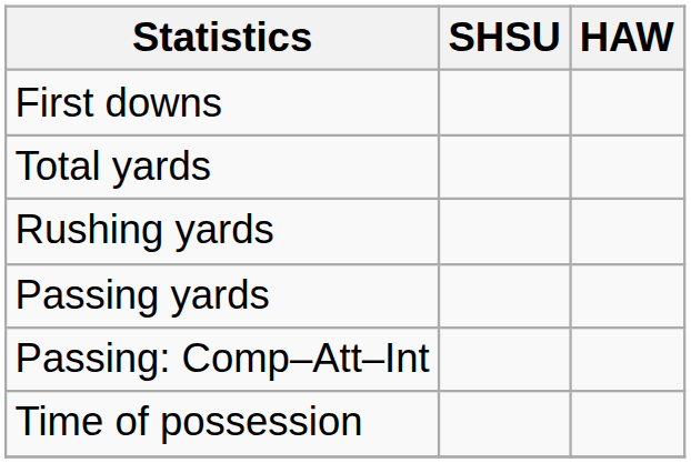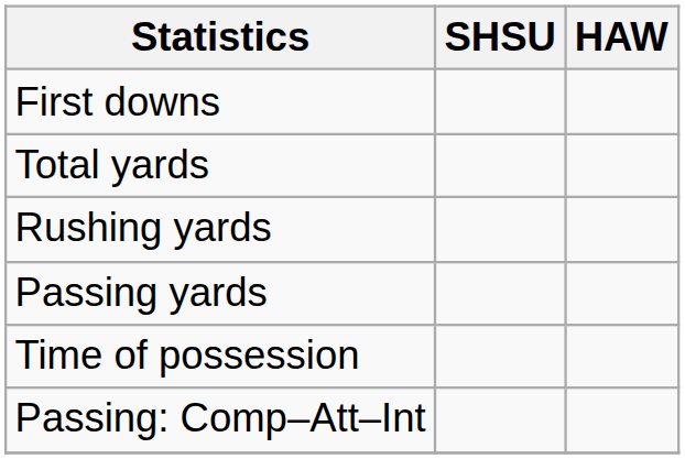 <table class="wikitable" style="float: left;">
 <tr>
 <th>Statistics</th>
 <th>SHSU</th>
 <th>HAW</th>
 </tr>
 <tr>
 <td>First downs</td>
 <td></td>
 <td></td>
 </tr>
 <tr>
 <td>Total yards</td>
 <td></td>
 <td></td>
 </tr>
 <tr>
 <td>Rushing yards</td>
 <td></td>
 <td></td>
 </tr>
 <tr>
 <td>Passing yards</td>
 <td></td>
 <td></td>
 </tr>
 <tr>
-<td>Passing: Comp–Att–Int</td>
+<td>Time of possession</td>
 <td></td>
 <td></td>
 </tr>
 <tr>
-<td>Time of possession</td>
+<td>Passing: Comp–Att–Int</td>
 <td></td>
 <td></td>
 </tr>
 <tr>
 </tr>
 </table>
